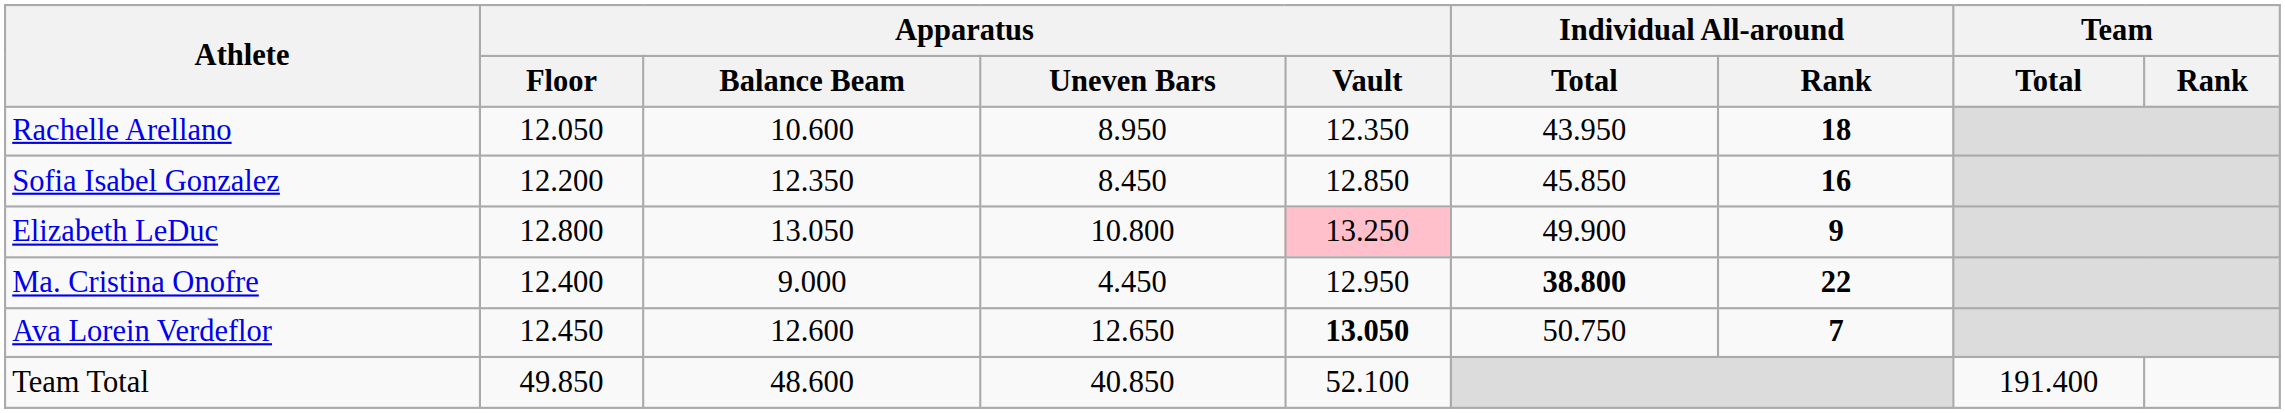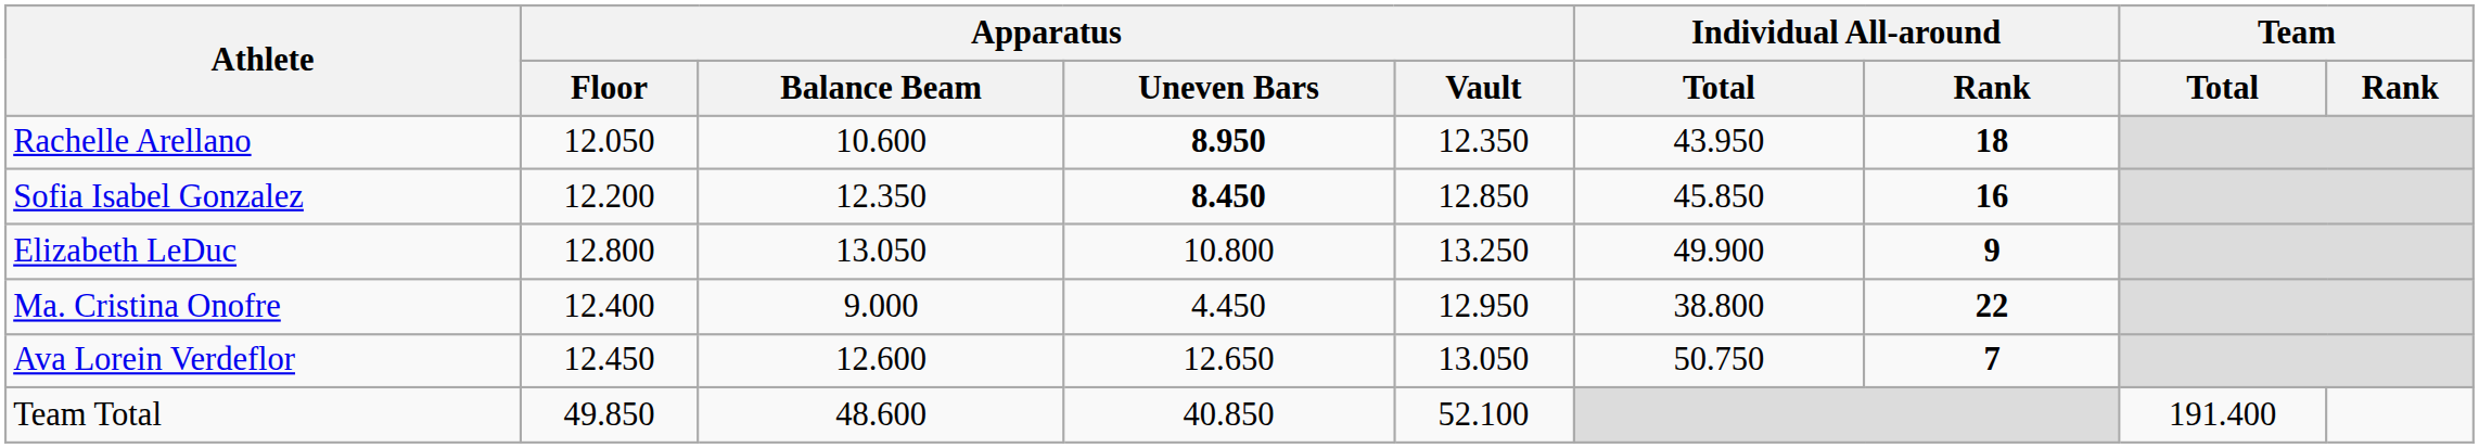 <table class="wikitable" width="85%" style="text-align:left; font-size:90%">
 <tr>
 <th rowspan=2>Athlete</th>
 <th colspan=4>Apparatus</th>
 <th colspan=2>Individual All-around</th>
 <th colspan=2>Team</th>
 </tr>
 <tr>
 <th>Floor</th>
 <th>Balance Beam</th>
 <th>Uneven Bars</th>
 <th>Vault</th>
 <th>Total</th>
 <th>Rank</th>
 <th>Total</th>
 <th width="6%">Rank</th>
 </tr>
 <tr>
 <td><a href='#'>Rachelle Arellano</a></td>
 <td align="center">12.050</td>
 <td align="center">10.600</td>
-<td align="center">8.950</td>
+<td align="center"><strong>8.950</strong></td>
 <td align="center">12.350</td>
 <td align="center">43.950</td>
 <td align="center"><strong>18</strong></td>
 <td bgcolor=#DCDCDC colspan=2></td>
 </tr>
 <tr>
 <td><a href='#'>Sofia Isabel Gonzalez</a></td>
 <td align="center">12.200</td>
 <td align="center">12.350</td>
-<td align="center">8.450</td>
+<td align="center"><strong>8.450</strong></td>
 <td align="center">12.850 <strong></strong></td>
 <td align="center">45.850</td>
 <td align="center"><strong>16</strong></td>
 <td bgcolor=#DCDCDC colspan=2></td>
 </tr>
 <tr>
 <td><a href='#'>Elizabeth LeDuc</a></td>
 <td align="center">12.800 <strong></strong></td>
 <td align="center">13.050 <strong></strong></td>
 <td align="center">10.800 <strong></strong></td>
-<td align="center" style="background: pink;">13.250</td>
+<td align="center">13.250</td>
 <td align="center">49.900 <strong></strong></td>
 <td align="center"><strong>9</strong></td>
 <td bgcolor=#DCDCDC colspan=2></td>
 </tr>
 <tr>
 <td><a href='#'>Ma. Cristina Onofre</a></td>
 <td align="center">12.400</td>
 <td align="center">9.000</td>
 <td align="center">4.450</td>
 <td align="center">12.950 <strong></strong></td>
-<td align="center"><strong>38.800</strong></td>
+<td align="center">38.800</td>
 <td align="center"><strong>22</strong></td>
 <td bgcolor=#DCDCDC colspan=2></td>
 </tr>
 <tr>
 <td><a href='#'>Ava Lorein Verdeflor</a></td>
 <td align="center">12.450 <strong></strong></td>
 <td align="center">12.600 <strong></strong></td>
 <td align="center">12.650 <strong></strong></td>
-<td align="center"><strong>13.050</strong></td>
+<td align="center">13.050</td>
 <td align="center">50.750 <strong></strong></td>
 <td align="center"><strong>7</strong></td>
 <td bgcolor=#DCDCDC colspan=2></td>
 </tr>
 <tr>
 <td>Team Total</td>
 <td align="center">49.850</td>
 <td align="center">48.600</td>
 <td align="center">40.850</td>
 <td align="center">52.100</td>
 <td bgcolor=#DCDCDC colspan=2></td>
 <td align="center">191.400</td>
 <td align="center"></td>
 </tr>
 </table>
